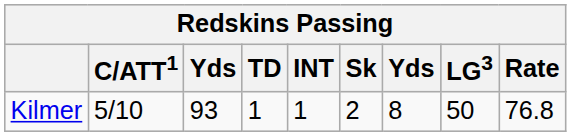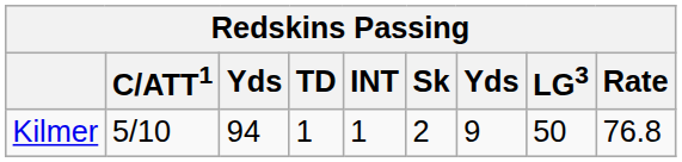 <table class="wikitable">
 <tr>
 <th colspan="9">Redskins Passing</th>
 </tr>
 <tr>
 <th></th>
 <th>C/ATT<sup>1</sup></th>
 <th>Yds</th>
 <th>TD</th>
 <th>INT</th>
 <th>Sk</th>
 <th>Yds</th>
 <th>LG<sup>3</sup></th>
 <th>Rate</th>
 </tr>
 <tr>
 <td><a href='#'>Kilmer</a></td>
 <td>5/10</td>
-<td>93</td>
+<td>94</td>
 <td>1</td>
 <td>1</td>
 <td>2</td>
-<td>8</td>
+<td>9</td>
 <td>50</td>
 <td>76.8</td>
 </tr>
 </table>
